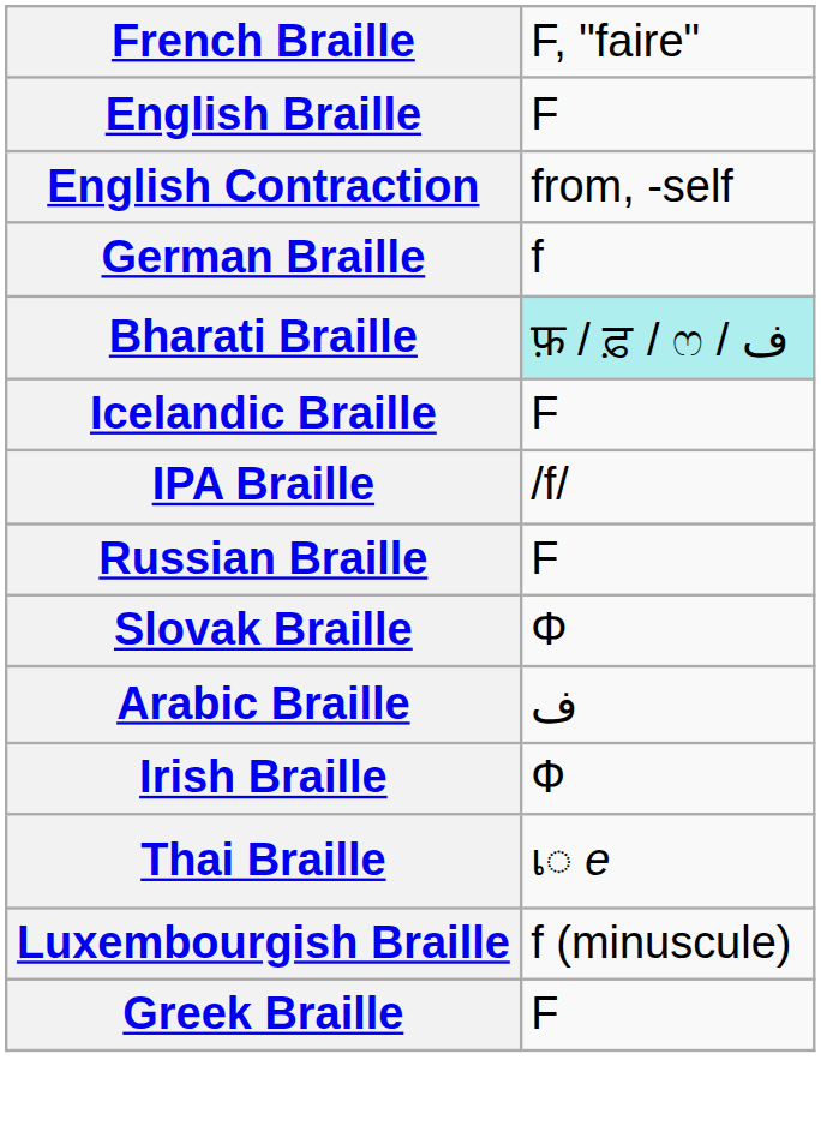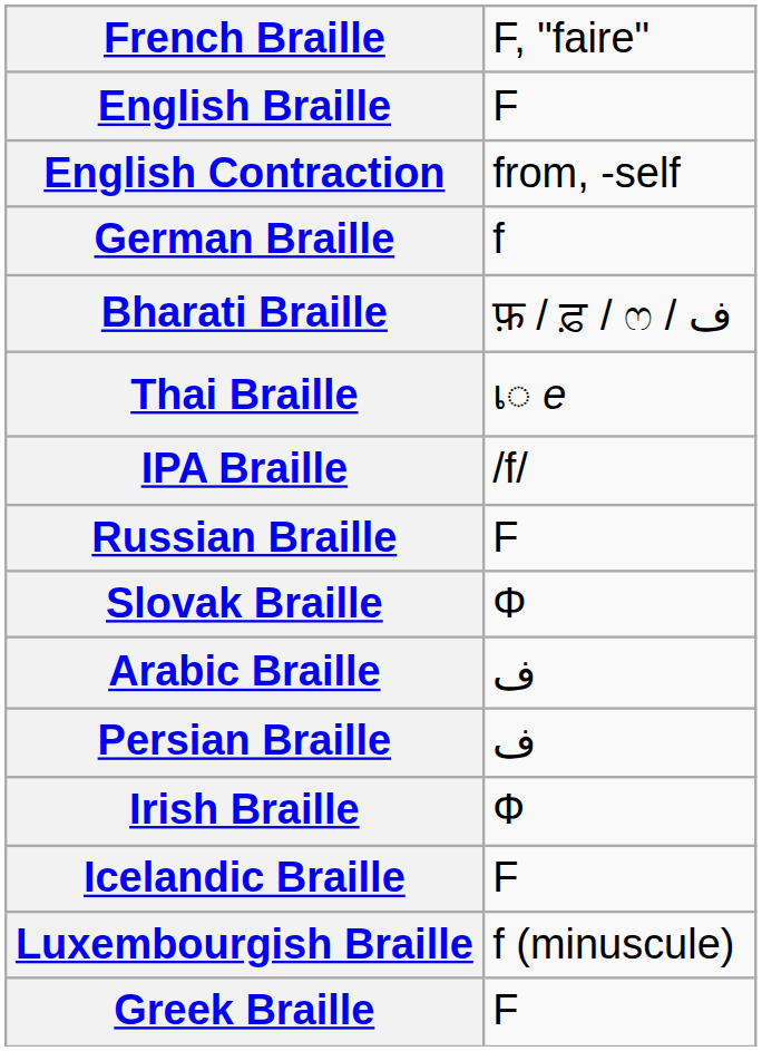 <table class="wikitable">
 <tr>
 <th align=left><a href='#'>French Braille</a></th>
 <td>F, "faire"</td>
 </tr>
 <tr>
 <th align=left><a href='#'>English Braille</a></th>
 <td>F</td>
 </tr>
 <tr>
 <th align=left><a href='#'>English Contraction</a></th>
 <td>from, -self</td>
 </tr>
 <tr>
 <th align=left><a href='#'>German Braille</a></th>
 <td>f</td>
 </tr>
 <tr>
 <th align=left><a href='#'>Bharati Braille</a></th>
-<td style="background: paleturquoise;">फ़ / ਫ਼ / ෆ / ف ‎</td>
+<td>फ़ / ਫ਼ / ෆ / ف ‎</td>
 </tr>
 <tr>
-<th align=left><a href='#'>Icelandic Braille</a></th>
-<td>F</td>
+<th align=left><a href='#'>Thai Braille</a></th>
+<td>เ◌ <em>e</em></td>
 </tr>
 <tr>
 <th align=left><a href='#'>IPA Braille</a></th>
 <td>/f/</td>
 </tr>
 <tr>
 <th align=left><a href='#'>Russian Braille</a></th>
 <td>F</td>
 </tr>
 <tr>
 <th align=left><a href='#'>Slovak Braille</a></th>
 <td>Φ<br></td>
 </tr>
 <tr>
 <th align=left><a href='#'>Arabic Braille</a></th>
 <td>ف</td>
 </tr>
 <tr>
+<th align=left><a href='#'>Persian Braille</a></th>
+<td>ف</td>
+</tr>
+<tr>
 <th align=left><a href='#'>Irish Braille</a></th>
 <td>Ф</td>
 </tr>
 <tr>
-<th align=left><a href='#'>Thai Braille</a></th>
-<td>เ◌ <em>e</em></td>
+<th align=left><a href='#'>Icelandic Braille</a></th>
+<td>F</td>
 </tr>
 <tr>
 <th align=left><a href='#'>Luxembourgish Braille</a></th>
 <td>f (minuscule)</td>
 </tr>
 <tr>
 <th align=left><a href='#'>Greek Braille</a></th>
 <td>F</td>
 </tr>
 </table>
